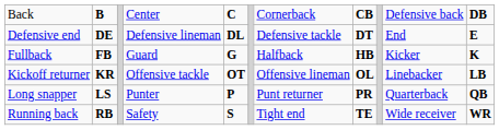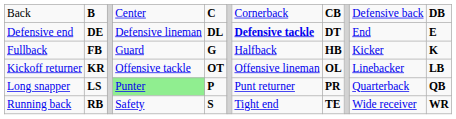 <table class="wikitable">
 <tr>
 <td>Back</td>
 <td><strong>B</strong></td>
 <td rowspan="6" style="background:lightgrey;"></td>
 <td><a href='#'>Center</a></td>
 <td><strong>C</strong></td>
 <td rowspan="6" style="background:lightgrey;"></td>
 <td><a href='#'>Cornerback</a></td>
 <td><strong>CB</strong></td>
 <td rowspan="6" style="background:lightgrey;"></td>
 <td><a href='#'>Defensive back</a></td>
 <td><strong>DB</strong></td>
 </tr>
 <tr>
 <td><a href='#'>Defensive end</a></td>
 <td><strong>DE</strong></td>
 <td><a href='#'>Defensive lineman</a></td>
 <td><strong>DL</strong></td>
-<td><a href='#'>Defensive tackle</a></td>
+<td><strong><a href='#'>Defensive tackle</a></strong></td>
 <td><strong>DT</strong></td>
 <td><a href='#'>End</a></td>
 <td><strong>E</strong></td>
 </tr>
 <tr>
 <td><a href='#'>Fullback</a></td>
 <td><strong>FB</strong></td>
 <td><a href='#'>Guard</a></td>
 <td><strong>G</strong></td>
 <td><a href='#'>Halfback</a></td>
 <td><strong>HB</strong></td>
 <td><a href='#'>Kicker</a></td>
 <td><strong>K</strong></td>
 </tr>
 <tr>
 <td><a href='#'>Kickoff returner</a></td>
 <td><strong>KR</strong></td>
 <td><a href='#'>Offensive tackle</a></td>
 <td><strong>OT</strong></td>
 <td><a href='#'>Offensive lineman</a></td>
 <td><strong>OL</strong></td>
 <td><a href='#'>Linebacker</a></td>
 <td><strong>LB</strong></td>
 </tr>
 <tr>
 <td><a href='#'>Long snapper</a></td>
 <td><strong>LS</strong></td>
-<td><a href='#'>Punter</a></td>
+<td style="background: lightgreen;"><a href='#'>Punter</a></td>
 <td><strong>P</strong></td>
 <td><a href='#'>Punt returner</a></td>
 <td><strong>PR</strong></td>
 <td><a href='#'>Quarterback</a></td>
 <td><strong>QB</strong></td>
 </tr>
 <tr>
 <td><a href='#'>Running back</a></td>
 <td><strong>RB</strong></td>
 <td><a href='#'>Safety</a></td>
 <td><strong>S</strong></td>
 <td><a href='#'>Tight end</a></td>
 <td><strong>TE</strong></td>
 <td><a href='#'>Wide receiver</a></td>
 <td><strong>WR</strong></td>
 </tr>
 </table>
